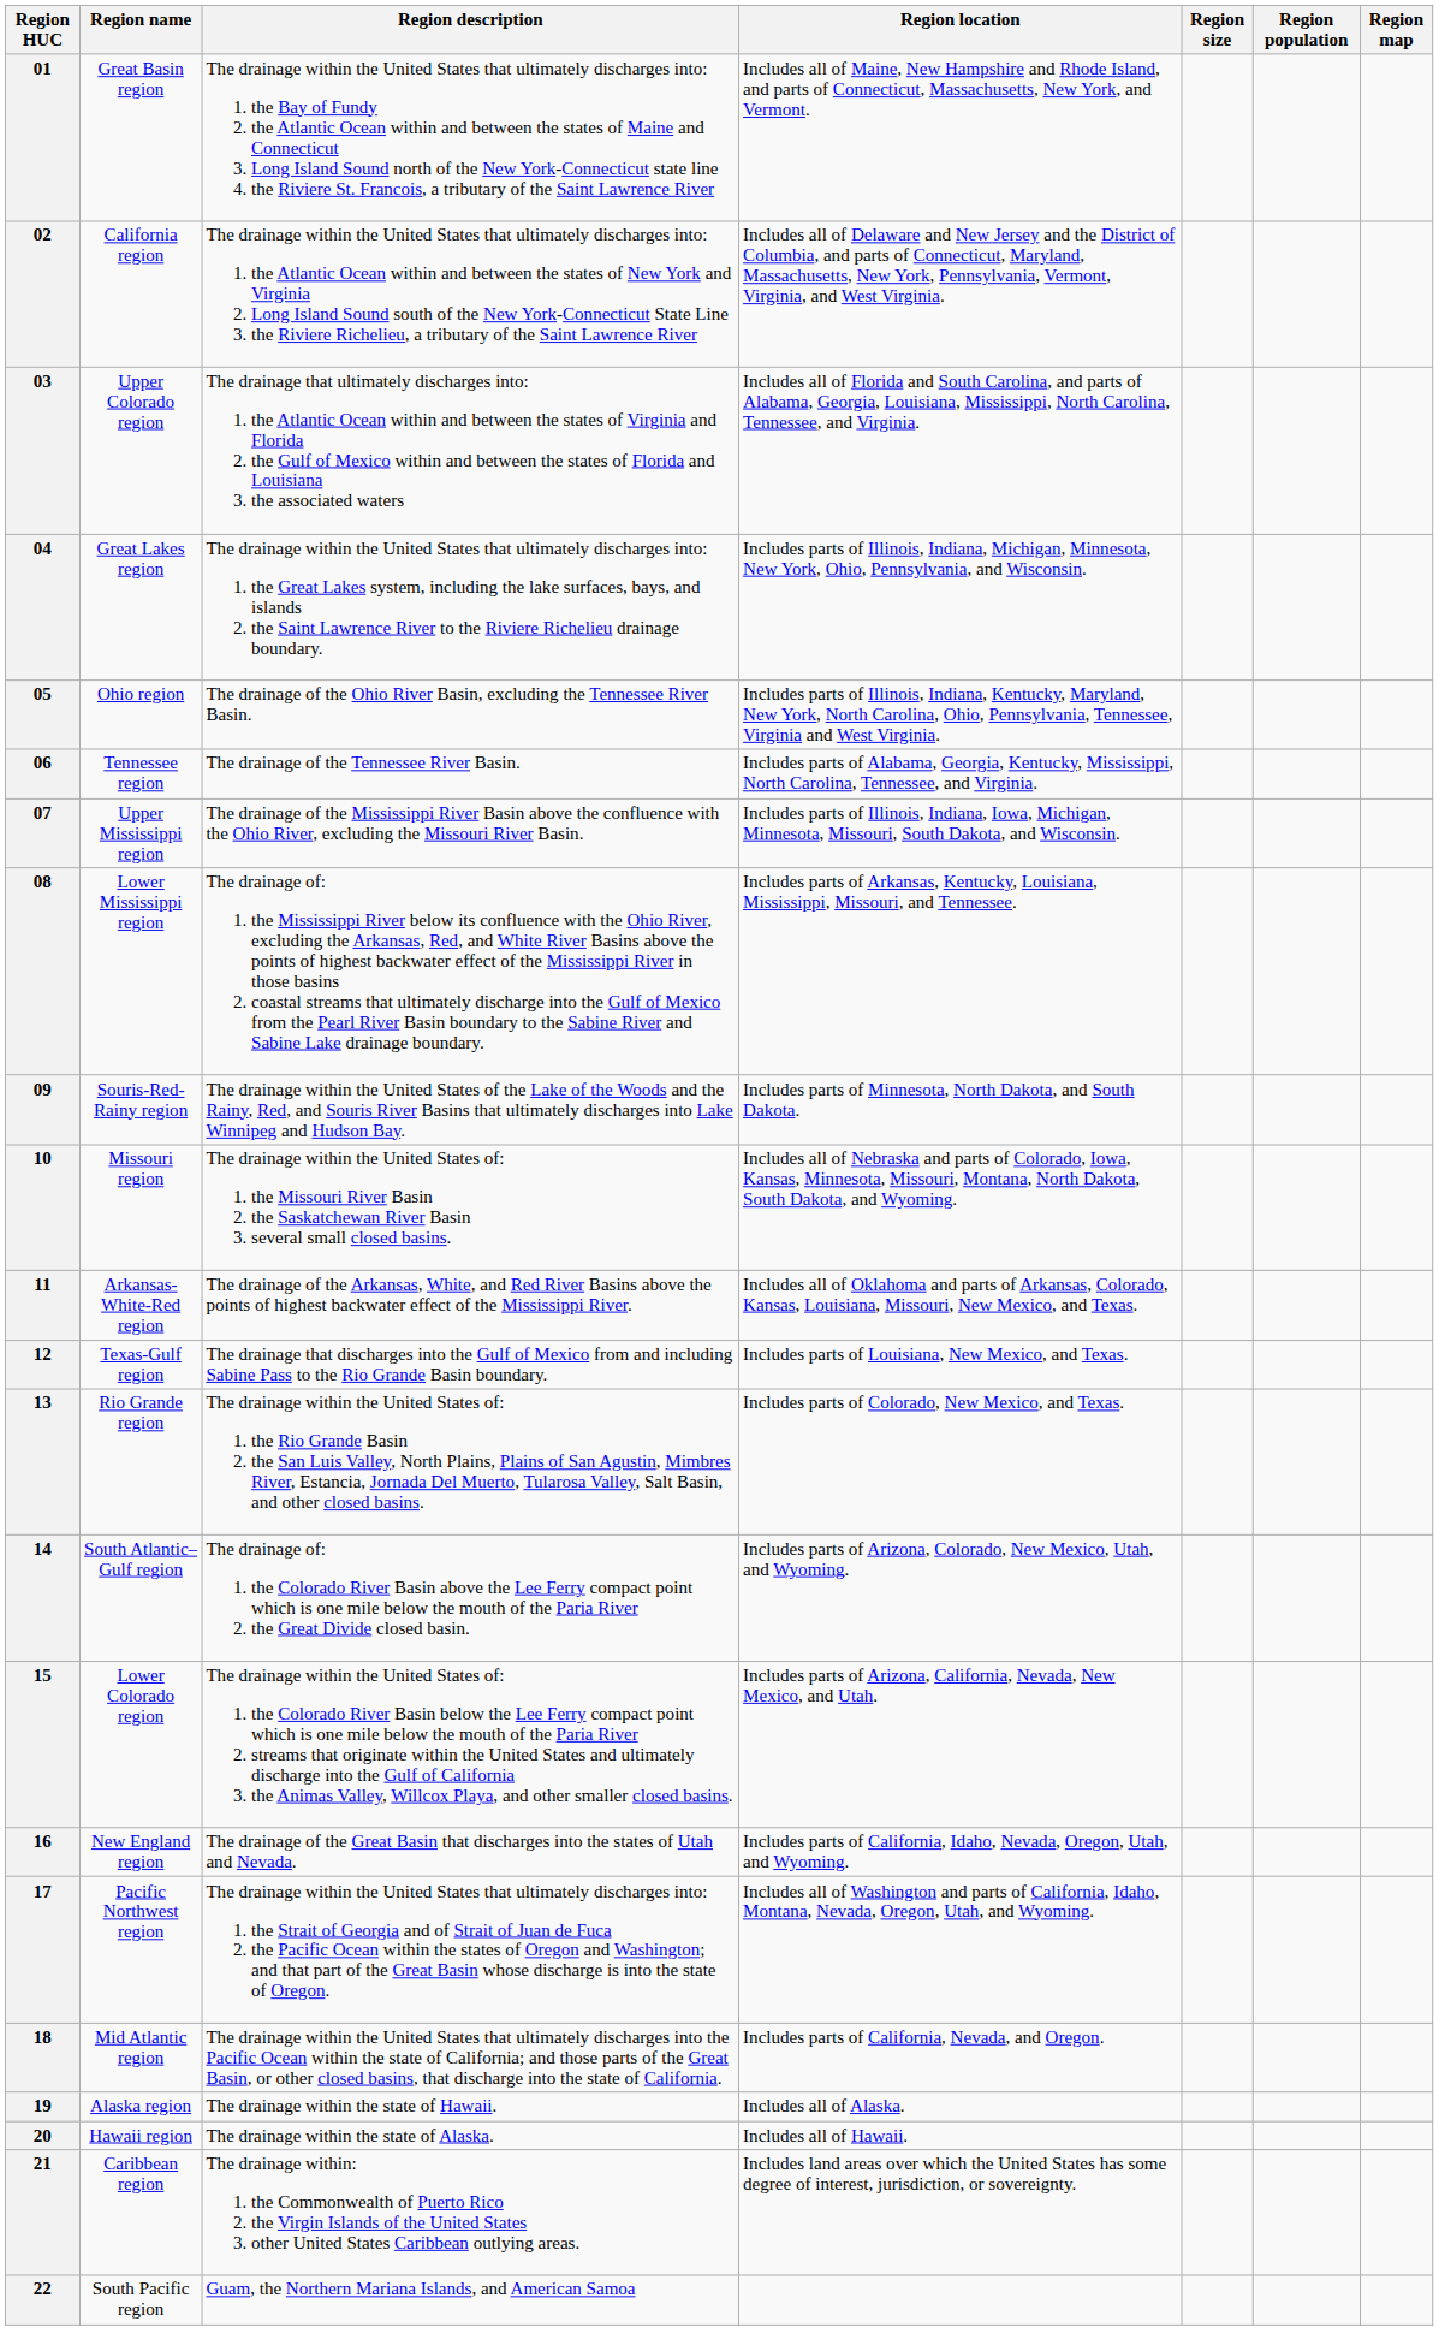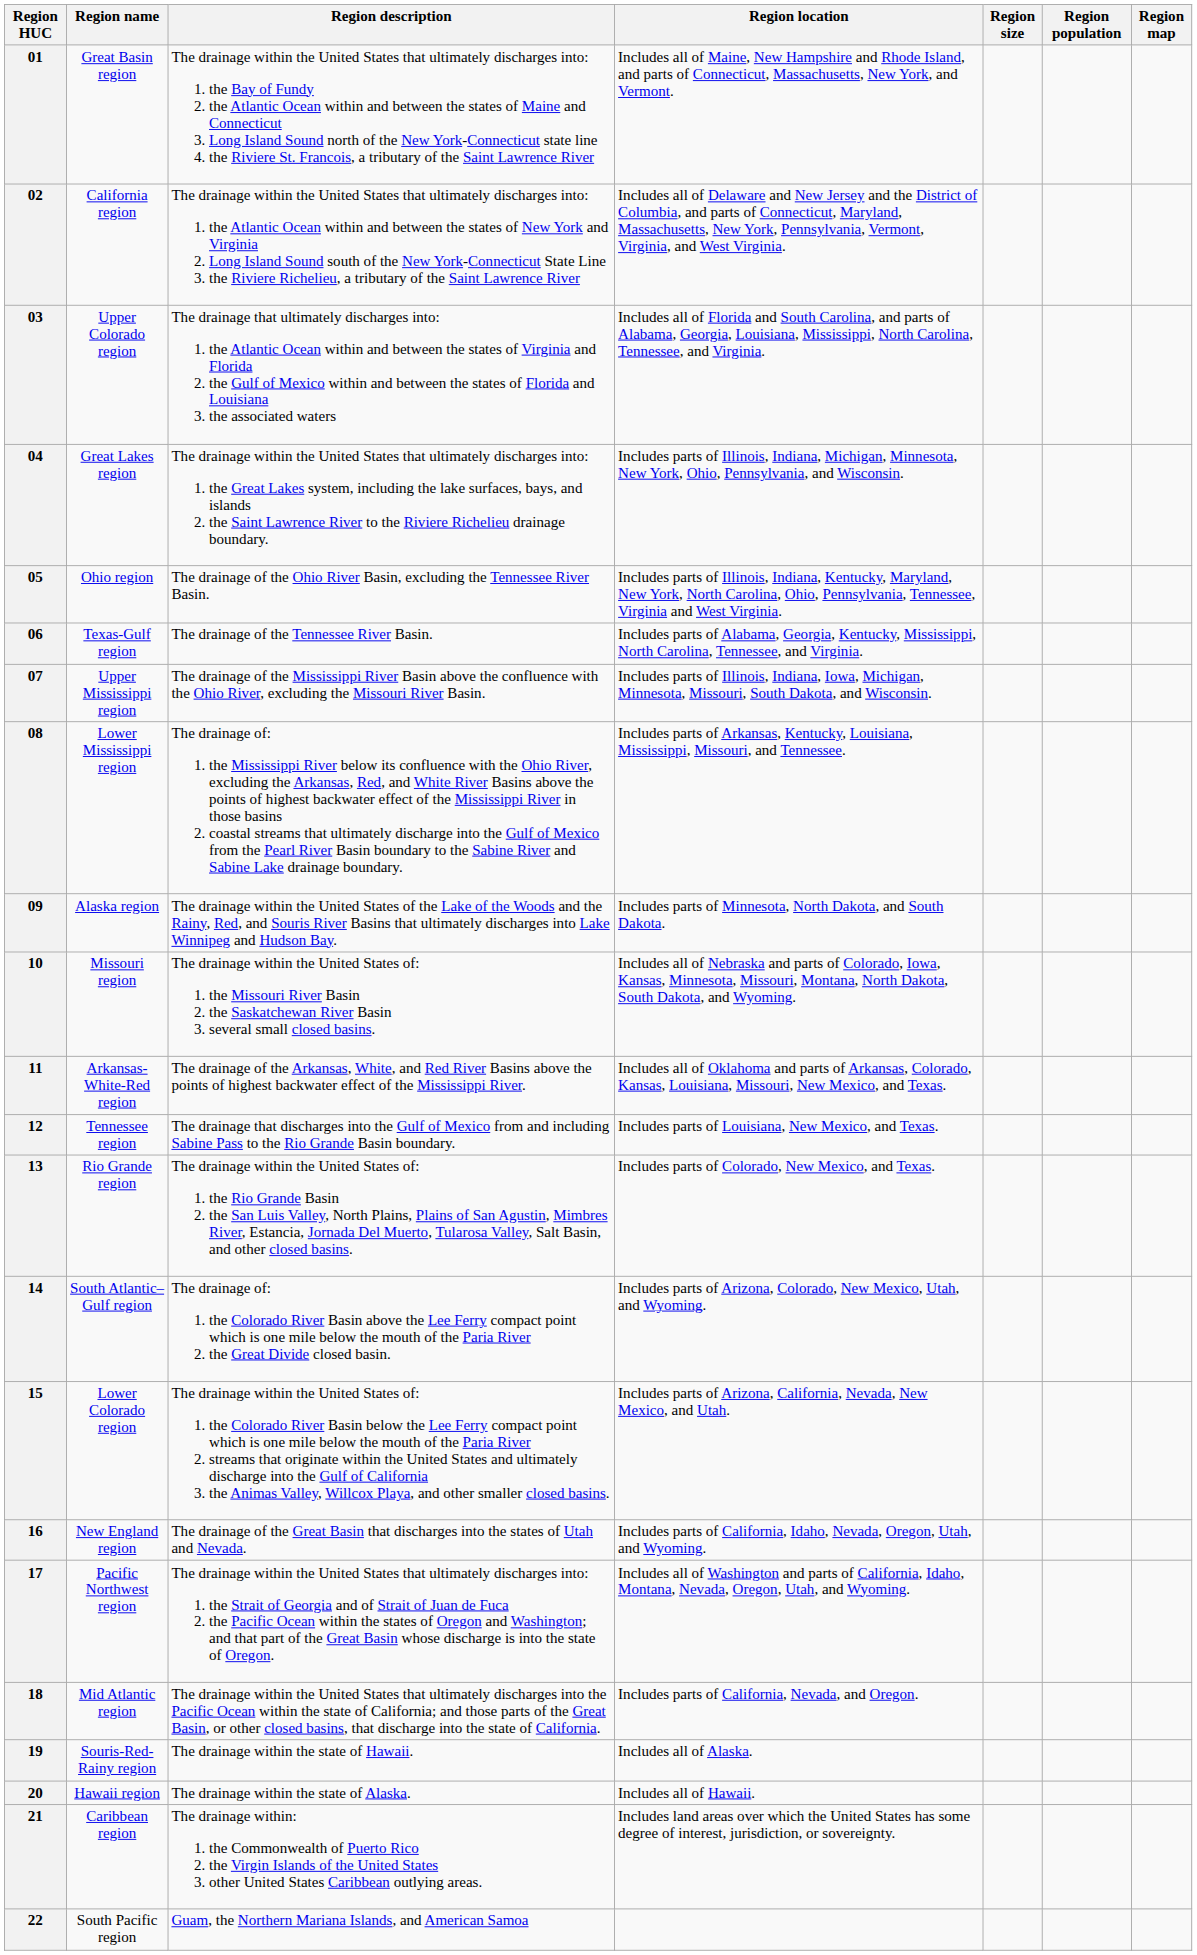 <table class="wikitable sortable" border="1" style="margin: 1em auto 1em auto;">
 <tr valign="top">
 <th scope="col">Region HUC</th>
 <th scope="col">Region name</th>
 <th scope="col">Region description</th>
 <th scope="col">Region location</th>
 <th scope="col">Region size</th>
 <th scope="col">Region population</th>
 <th scope="col">Region map</th>
 </tr>
 <tr valign="top">
 <th scope="row">01</th>
 <td align="center"><a href='#'>Great Basin region</a></td>
 <td align="left">The drainage within the United States that ultimately discharges into:<br><ol><li>the <a href='#'>Bay of Fundy</a></li><li>the <a href='#'>Atlantic Ocean</a> within and between the states of <a href='#'>Maine</a> and <a href='#'>Connecticut</a></li><li><a href='#'>Long Island Sound</a> north of the <a href='#'>New York</a>-<a href='#'>Connecticut</a> state line</li><li>the <a href='#'>Riviere St. Francois</a>, a tributary of the <a href='#'>Saint Lawrence River</a></li></ol></td>
 <td>Includes all of <a href='#'>Maine</a>, <a href='#'>New Hampshire</a> and <a href='#'>Rhode Island</a>, and parts of <a href='#'>Connecticut</a>, <a href='#'>Massachusetts</a>, <a href='#'>New York</a>, and <a href='#'>Vermont</a>.</td>
 <td align="right"></td>
 <td align="right"></td>
 <td align="right"></td>
 </tr>
 <tr valign="top">
 <th scope="row">02</th>
 <td align="center"><a href='#'>California region</a></td>
 <td align="left">The drainage within the United States that ultimately discharges into:<br><ol><li>the <a href='#'>Atlantic Ocean</a> within and between the states of <a href='#'>New York</a> and <a href='#'>Virginia</a></li><li><a href='#'>Long Island Sound</a> south of the <a href='#'>New York</a>-<a href='#'>Connecticut</a> State Line</li><li>the <a href='#'>Riviere Richelieu</a>, a tributary of the <a href='#'>Saint Lawrence River</a></li></ol></td>
 <td>Includes all of <a href='#'>Delaware</a> and <a href='#'>New Jersey</a> and the <a href='#'>District of Columbia</a>, and parts of <a href='#'>Connecticut</a>, <a href='#'>Maryland</a>, <a href='#'>Massachusetts</a>, <a href='#'>New York</a>, <a href='#'>Pennsylvania</a>, <a href='#'>Vermont</a>, <a href='#'>Virginia</a>, and <a href='#'>West Virginia</a>.</td>
 <td align="right"></td>
 <td align="right"></td>
 <td align="right"></td>
 </tr>
 <tr valign="top">
 <th scope="row">03</th>
 <td align="center"><a href='#'>Upper Colorado region</a></td>
 <td align="left">The drainage that ultimately discharges into:<br><ol><li>the <a href='#'>Atlantic Ocean</a> within and between the states of <a href='#'>Virginia</a> and <a href='#'>Florida</a></li><li>the <a href='#'>Gulf of Mexico</a> within and between the states of <a href='#'>Florida</a> and <a href='#'>Louisiana</a></li><li>the associated waters</li></ol></td>
 <td>Includes all of <a href='#'>Florida</a> and <a href='#'>South Carolina</a>, and parts of <a href='#'>Alabama</a>, <a href='#'>Georgia</a>, <a href='#'>Louisiana</a>, <a href='#'>Mississippi</a>, <a href='#'>North Carolina</a>, <a href='#'>Tennessee</a>, and <a href='#'>Virginia</a>.</td>
 <td align="right"></td>
 <td align="right"></td>
 <td align="right"></td>
 </tr>
 <tr valign="top">
 <th scope="row">04</th>
 <td align="center"><a href='#'>Great Lakes region</a></td>
 <td align="left">The drainage within the United States that ultimately discharges into:<br><ol><li>the <a href='#'>Great Lakes</a> system, including the lake surfaces, bays, and islands</li><li>the <a href='#'>Saint Lawrence River</a> to the <a href='#'>Riviere Richelieu</a> drainage boundary.</li></ol></td>
 <td>Includes parts of <a href='#'>Illinois</a>, <a href='#'>Indiana</a>, <a href='#'>Michigan</a>, <a href='#'>Minnesota</a>, <a href='#'>New York</a>, <a href='#'>Ohio</a>, <a href='#'>Pennsylvania</a>, and <a href='#'>Wisconsin</a>.</td>
 <td align="right"></td>
 <td align="right"></td>
 <td align="right"></td>
 </tr>
 <tr valign="top">
 <th scope="row">05</th>
 <td align="center"><a href='#'>Ohio region</a></td>
 <td align="left">The drainage of the <a href='#'>Ohio River</a> Basin, excluding the <a href='#'>Tennessee River</a> Basin.</td>
 <td>Includes parts of <a href='#'>Illinois</a>, <a href='#'>Indiana</a>, <a href='#'>Kentucky</a>, <a href='#'>Maryland</a>, <a href='#'>New York</a>, <a href='#'>North Carolina</a>, <a href='#'>Ohio</a>, <a href='#'>Pennsylvania</a>, <a href='#'>Tennessee</a>, <a href='#'>Virginia</a> and <a href='#'>West Virginia</a>.</td>
 <td align="right"></td>
 <td align="right"></td>
 <td align="right"></td>
 </tr>
 <tr valign="top">
 <th scope="row">06</th>
-<td align="center"><a href='#'>Tennessee region</a></td>
+<td align="center"><a href='#'>Texas-Gulf region</a></td>
 <td align="left">The drainage of the <a href='#'>Tennessee River</a> Basin.</td>
 <td>Includes parts of <a href='#'>Alabama</a>, <a href='#'>Georgia</a>, <a href='#'>Kentucky</a>, <a href='#'>Mississippi</a>, <a href='#'>North Carolina</a>, <a href='#'>Tennessee</a>, and <a href='#'>Virginia</a>.</td>
 <td align="right"></td>
 <td align="right"></td>
 <td align="right"></td>
 </tr>
 <tr valign="top">
 <th scope="row">07</th>
 <td align="center"><a href='#'>Upper Mississippi region</a></td>
 <td align="left">The drainage of the <a href='#'>Mississippi River</a> Basin above the confluence with the <a href='#'>Ohio River</a>, excluding the <a href='#'>Missouri River</a> Basin.</td>
 <td>Includes parts of <a href='#'>Illinois</a>, <a href='#'>Indiana</a>, <a href='#'>Iowa</a>, <a href='#'>Michigan</a>, <a href='#'>Minnesota</a>, <a href='#'>Missouri</a>, <a href='#'>South Dakota</a>, and <a href='#'>Wisconsin</a>.</td>
 <td align="right"></td>
 <td align="right"></td>
 <td align="right"></td>
 </tr>
 <tr valign="top">
 <th scope="row">08</th>
 <td align="center"><a href='#'>Lower Mississippi region</a></td>
 <td align="left">The drainage of:<br><ol><li>the <a href='#'>Mississippi River</a> below its confluence with the <a href='#'>Ohio River</a>, excluding the <a href='#'>Arkansas</a>, <a href='#'>Red</a>, and <a href='#'>White River</a> Basins above the points of highest backwater effect of the <a href='#'>Mississippi River</a> in those basins</li><li>coastal streams that ultimately discharge into the <a href='#'>Gulf of Mexico</a> from the <a href='#'>Pearl River</a> Basin boundary to the <a href='#'>Sabine River</a> and <a href='#'>Sabine Lake</a> drainage boundary.</li></ol></td>
 <td>Includes parts of <a href='#'>Arkansas</a>, <a href='#'>Kentucky</a>, <a href='#'>Louisiana</a>, <a href='#'>Mississippi</a>, <a href='#'>Missouri</a>, and <a href='#'>Tennessee</a>.</td>
 <td align="right"></td>
 <td align="right"></td>
 <td align="right"></td>
 </tr>
 <tr valign="top">
 <th scope="row">09</th>
-<td align="center"><a href='#'>Souris-Red-Rainy region</a></td>
+<td align="center"><a href='#'>Alaska region</a></td>
 <td align="left">The drainage within the United States of the <a href='#'>Lake of the Woods</a> and the <a href='#'>Rainy</a>, <a href='#'>Red</a>, and <a href='#'>Souris River</a> Basins that ultimately discharges into <a href='#'>Lake Winnipeg</a> and <a href='#'>Hudson Bay</a>.</td>
 <td>Includes parts of <a href='#'>Minnesota</a>, <a href='#'>North Dakota</a>, and <a href='#'>South Dakota</a>.</td>
 <td align="right"></td>
 <td align="right"></td>
 <td align="right"></td>
 </tr>
 <tr valign="top">
 <th scope="row">10</th>
 <td align="center"><a href='#'>Missouri region</a></td>
 <td align="left">The drainage within the United States of:<br><ol><li>the <a href='#'>Missouri River</a> Basin</li><li>the <a href='#'>Saskatchewan River</a> Basin</li><li>several small <a href='#'>closed basins</a>.</li></ol></td>
 <td>Includes all of <a href='#'>Nebraska</a> and parts of <a href='#'>Colorado</a>, <a href='#'>Iowa</a>, <a href='#'>Kansas</a>, <a href='#'>Minnesota</a>, <a href='#'>Missouri</a>, <a href='#'>Montana</a>, <a href='#'>North Dakota</a>, <a href='#'>South Dakota</a>, and <a href='#'>Wyoming</a>.</td>
 <td align="right"></td>
 <td align="right"></td>
 <td align="right"></td>
 </tr>
 <tr valign="top">
 <th scope="row">11</th>
 <td align="center"><a href='#'>Arkansas-White-Red region</a></td>
 <td align="left">The drainage of the <a href='#'>Arkansas</a>, <a href='#'>White</a>, and <a href='#'>Red River</a> Basins above the points of highest backwater effect of the <a href='#'>Mississippi River</a>.</td>
 <td>Includes all of <a href='#'>Oklahoma</a> and parts of <a href='#'>Arkansas</a>, <a href='#'>Colorado</a>, <a href='#'>Kansas</a>, <a href='#'>Louisiana</a>, <a href='#'>Missouri</a>, <a href='#'>New Mexico</a>, and <a href='#'>Texas</a>.</td>
 <td align="right"></td>
 <td align="right"></td>
 <td align="right"></td>
 </tr>
 <tr valign="top">
 <th scope="row">12</th>
-<td align="center"><a href='#'>Texas-Gulf region</a></td>
+<td align="center"><a href='#'>Tennessee region</a></td>
 <td align="left">The drainage that discharges into the <a href='#'>Gulf of Mexico</a> from and including <a href='#'>Sabine Pass</a> to the <a href='#'>Rio Grande</a> Basin boundary.</td>
 <td>Includes parts of <a href='#'>Louisiana</a>, <a href='#'>New Mexico</a>, and <a href='#'>Texas</a>.</td>
 <td align="right"></td>
 <td align="right"></td>
 <td align="right"></td>
 </tr>
 <tr valign="top">
 <th scope="row">13</th>
 <td align="center"><a href='#'>Rio Grande region</a></td>
 <td align="left">The drainage within the United States of:<br><ol><li>the <a href='#'>Rio Grande</a> Basin</li><li>the <a href='#'>San Luis Valley</a>, North Plains, <a href='#'>Plains of San Agustin</a>, <a href='#'>Mimbres River</a>, Estancia, <a href='#'>Jornada Del Muerto</a>, <a href='#'>Tularosa Valley</a>, Salt Basin, and other <a href='#'>closed basins</a>.</li></ol></td>
 <td>Includes parts of <a href='#'>Colorado</a>, <a href='#'>New Mexico</a>, and <a href='#'>Texas</a>.</td>
 <td align="right"></td>
 <td align="right"></td>
 <td align="right"></td>
 </tr>
 <tr valign="top">
 <th scope="row">14</th>
 <td align="center"><a href='#'>South Atlantic–Gulf region</a></td>
 <td align="left">The drainage of:<br><ol><li>the <a href='#'>Colorado River</a> Basin above the <a href='#'>Lee Ferry</a> compact point which is one mile below the mouth of the <a href='#'>Paria River</a></li><li>the <a href='#'>Great Divide</a> closed basin.</li></ol></td>
 <td>Includes parts of <a href='#'>Arizona</a>, <a href='#'>Colorado</a>, <a href='#'>New Mexico</a>, <a href='#'>Utah</a>, and <a href='#'>Wyoming</a>.</td>
 <td align="right"></td>
 <td align="right"></td>
 <td align="right"></td>
 </tr>
 <tr valign="top">
 <th scope="row">15</th>
 <td align="center"><a href='#'>Lower Colorado region</a></td>
 <td align="left">The drainage within the United States of:<br><ol><li>the <a href='#'>Colorado River</a> Basin below the <a href='#'>Lee Ferry</a> compact point which is one mile below the mouth of the <a href='#'>Paria River</a></li><li>streams that originate within the United States and ultimately discharge into the <a href='#'>Gulf of California</a></li><li>the <a href='#'>Animas Valley</a>, <a href='#'>Willcox Playa</a>, and other smaller <a href='#'>closed basins</a>.</li></ol></td>
 <td>Includes parts of <a href='#'>Arizona</a>, <a href='#'>California</a>, <a href='#'>Nevada</a>, <a href='#'>New Mexico</a>, and <a href='#'>Utah</a>.</td>
 <td align="right"></td>
 <td align="right"></td>
 <td align="right"></td>
 </tr>
 <tr valign="top">
 <th scope="row">16</th>
 <td align="center"><a href='#'>New England region</a></td>
 <td align="left">The drainage of the <a href='#'>Great Basin</a> that discharges into the states of <a href='#'>Utah</a> and <a href='#'>Nevada</a>.</td>
 <td>Includes parts of <a href='#'>California</a>, <a href='#'>Idaho</a>, <a href='#'>Nevada</a>, <a href='#'>Oregon</a>, <a href='#'>Utah</a>, and <a href='#'>Wyoming</a>.</td>
 <td align="right"></td>
 <td align="right"></td>
 <td align="right"></td>
 </tr>
 <tr valign="top">
 <th scope="row">17</th>
 <td align="center"><a href='#'>Pacific Northwest region</a></td>
 <td align="left">The drainage within the United States that ultimately discharges into:<br><ol><li>the <a href='#'>Strait of Georgia</a> and of <a href='#'>Strait of Juan de Fuca</a></li><li>the <a href='#'>Pacific Ocean</a> within the states of <a href='#'>Oregon</a> and <a href='#'>Washington</a>; and that part of the <a href='#'>Great Basin</a> whose discharge is into the state of <a href='#'>Oregon</a>.</li></ol></td>
 <td>Includes all of <a href='#'>Washington</a> and parts of <a href='#'>California</a>, <a href='#'>Idaho</a>, <a href='#'>Montana</a>, <a href='#'>Nevada</a>, <a href='#'>Oregon</a>, <a href='#'>Utah</a>, and <a href='#'>Wyoming</a>.</td>
 <td align="right"></td>
 <td align="right"></td>
 <td align="right"></td>
 </tr>
 <tr valign="top">
 <th scope="row">18</th>
 <td align="center"><a href='#'>Mid Atlantic region</a></td>
 <td align="left">The drainage within the United States that ultimately discharges into the <a href='#'>Pacific Ocean</a> within the state of California; and those parts of the <a href='#'>Great Basin</a>, or other <a href='#'>closed basins</a>, that discharge into the state of <a href='#'>California</a>.</td>
 <td>Includes parts of <a href='#'>California</a>, <a href='#'>Nevada</a>, and <a href='#'>Oregon</a>.</td>
 <td align="right"></td>
 <td align="right"></td>
 <td align="right"></td>
 </tr>
 <tr valign="top">
 <th scope="row">19</th>
-<td align="center"><a href='#'>Alaska region</a></td>
+<td align="center"><a href='#'>Souris-Red-Rainy region</a></td>
 <td align="left">The drainage within the state of <a href='#'>Hawaii</a>.</td>
 <td>Includes all of <a href='#'>Alaska</a>.</td>
 <td align="right"></td>
 <td align="right"></td>
 <td align="right"></td>
 </tr>
 <tr valign="top">
 <th scope="row">20</th>
 <td align="center"><a href='#'>Hawaii region</a></td>
 <td align="left">The drainage within the state of <a href='#'>Alaska</a>.</td>
 <td>Includes all of <a href='#'>Hawaii</a>.</td>
 <td align="right"></td>
 <td align="right"></td>
 <td align="right"></td>
 </tr>
 <tr valign="top">
 <th scope="row">21</th>
 <td align="center"><a href='#'>Caribbean region</a></td>
 <td align="left">The drainage within:<br><ol><li>the Commonwealth of <a href='#'>Puerto Rico</a></li><li>the <a href='#'>Virgin Islands of the United States</a></li><li>other United States <a href='#'>Caribbean</a> outlying areas.</li></ol></td>
 <td>Includes land areas over which the United States has some degree of interest, jurisdiction, or sovereignty.</td>
 <td align="right"></td>
 <td align="right"></td>
 <td align="right"></td>
 </tr>
 <tr valign="top">
 <th scope="row">22</th>
 <td align="center">South Pacific region</td>
 <td align="left"><a href='#'>Guam</a>, the <a href='#'>Northern Mariana Islands</a>, and <a href='#'>American Samoa</a></td>
 <td></td>
 <td align="right"></td>
 <td align="right"></td>
 <td align="right"></td>
 </tr>
 </table>
